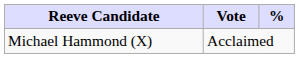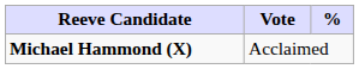 <table class="wikitable">
 <tr>
 <th style="background:#ddf; width:200px;">Reeve Candidate</th>
 <th style="background:#ddf; width:50px;">Vote</th>
 <th style="background:#ddf; width:30px;">%</th>
 </tr>
 <tr>
-<td>Michael Hammond (X)</td>
+<td><strong>Michael Hammond (X)</strong></td>
 <td colspan="2">Acclaimed</td>
 </tr>
 </table>
